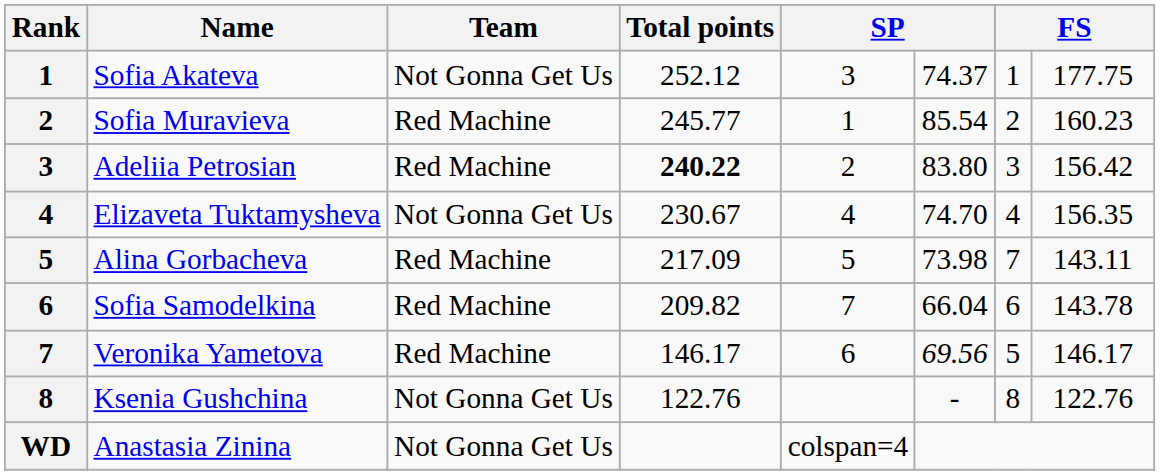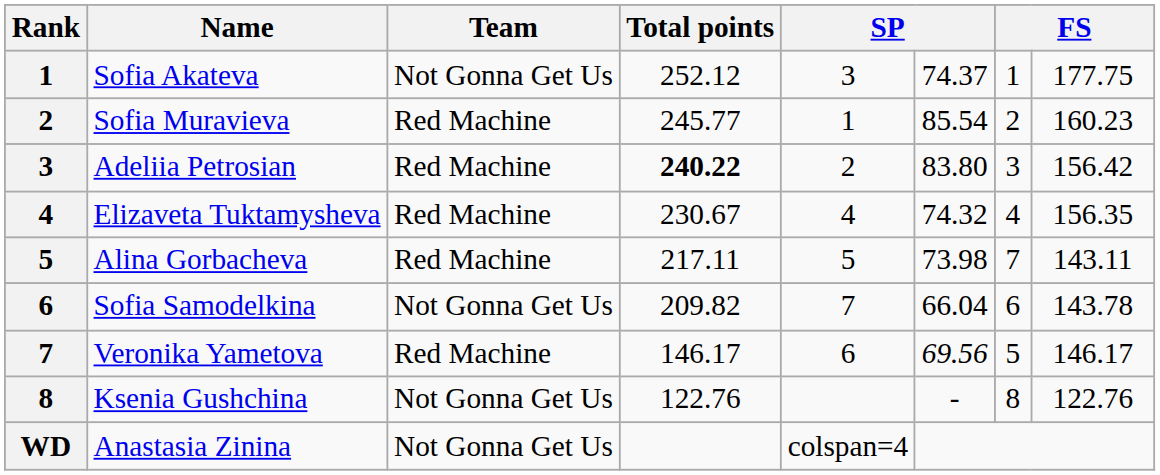 <table class="wikitable sortable">
 <tr>
 <th>Rank</th>
 <th>Name</th>
 <th>Team</th>
 <th>Total points</th>
 <th colspan="2" width="80px"><a href='#'>SP</a></th>
 <th colspan="2" width="80px"><a href='#'>FS</a></th>
 </tr>
 <tr>
 <th>1</th>
 <td><a href='#'>Sofia Akateva</a></td>
 <td>Not Gonna Get Us</td>
 <td align="center">252.12</td>
 <td align="center">3</td>
 <td align="center">74.37</td>
 <td align="center">1</td>
 <td align="center">177.75</td>
 </tr>
 <tr>
 <th>2</th>
 <td><a href='#'>Sofia Muravieva</a></td>
 <td>Red Machine</td>
 <td align="center">245.77</td>
 <td align="center">1</td>
 <td align="center">85.54</td>
 <td align="center">2</td>
 <td align="center">160.23</td>
 </tr>
 <tr>
 <th>3</th>
 <td><a href='#'>Adeliia Petrosian</a></td>
 <td>Red Machine</td>
 <td align="center"><strong>240.22</strong></td>
 <td align="center">2</td>
 <td align="center">83.80</td>
 <td align="center">3</td>
 <td align="center">156.42</td>
 </tr>
 <tr>
 <th>4</th>
 <td><a href='#'>Elizaveta Tuktamysheva</a></td>
-<td>Not Gonna Get Us</td>
+<td>Red Machine</td>
 <td align="center">230.67</td>
 <td align="center">4</td>
-<td align="center">74.70</td>
+<td align="center">74.32</td>
 <td align="center">4</td>
 <td align="center">156.35</td>
 </tr>
 <tr>
 <th>5</th>
 <td><a href='#'>Alina Gorbacheva</a></td>
 <td>Red Machine</td>
-<td align="center">217.09</td>
+<td align="center">217.11</td>
 <td align="center">5</td>
 <td align="center">73.98</td>
 <td align="center">7</td>
 <td align="center">143.11</td>
 </tr>
 <tr>
 <th>6</th>
 <td><a href='#'>Sofia Samodelkina</a></td>
-<td>Red Machine</td>
+<td>Not Gonna Get Us</td>
 <td align="center">209.82</td>
 <td align="center">7</td>
 <td align="center">66.04</td>
 <td align="center">6</td>
 <td align="center">143.78</td>
 </tr>
 <tr>
 <th>7</th>
 <td><a href='#'>Veronika Yametova</a> </td>
 <td>Red Machine</td>
 <td align="center">146.17</td>
 <td align="center">6</td>
 <td align="center"><em>69.56</em></td>
 <td align="center">5</td>
 <td align="center">146.17</td>
 </tr>
 <tr>
 <th>8</th>
 <td><a href='#'>Ksenia Gushchina</a> </td>
 <td>Not Gonna Get Us</td>
 <td align="center">122.76</td>
 <td align="center"></td>
 <td align="center">-</td>
 <td align="center">8</td>
 <td align="center">122.76</td>
 </tr>
 <tr>
 <th>WD</th>
 <td><a href='#'>Anastasia Zinina</a> </td>
 <td>Not Gonna Get Us</td>
 <td></td>
 <td>colspan=4 </td>
 </tr>
 </table>
